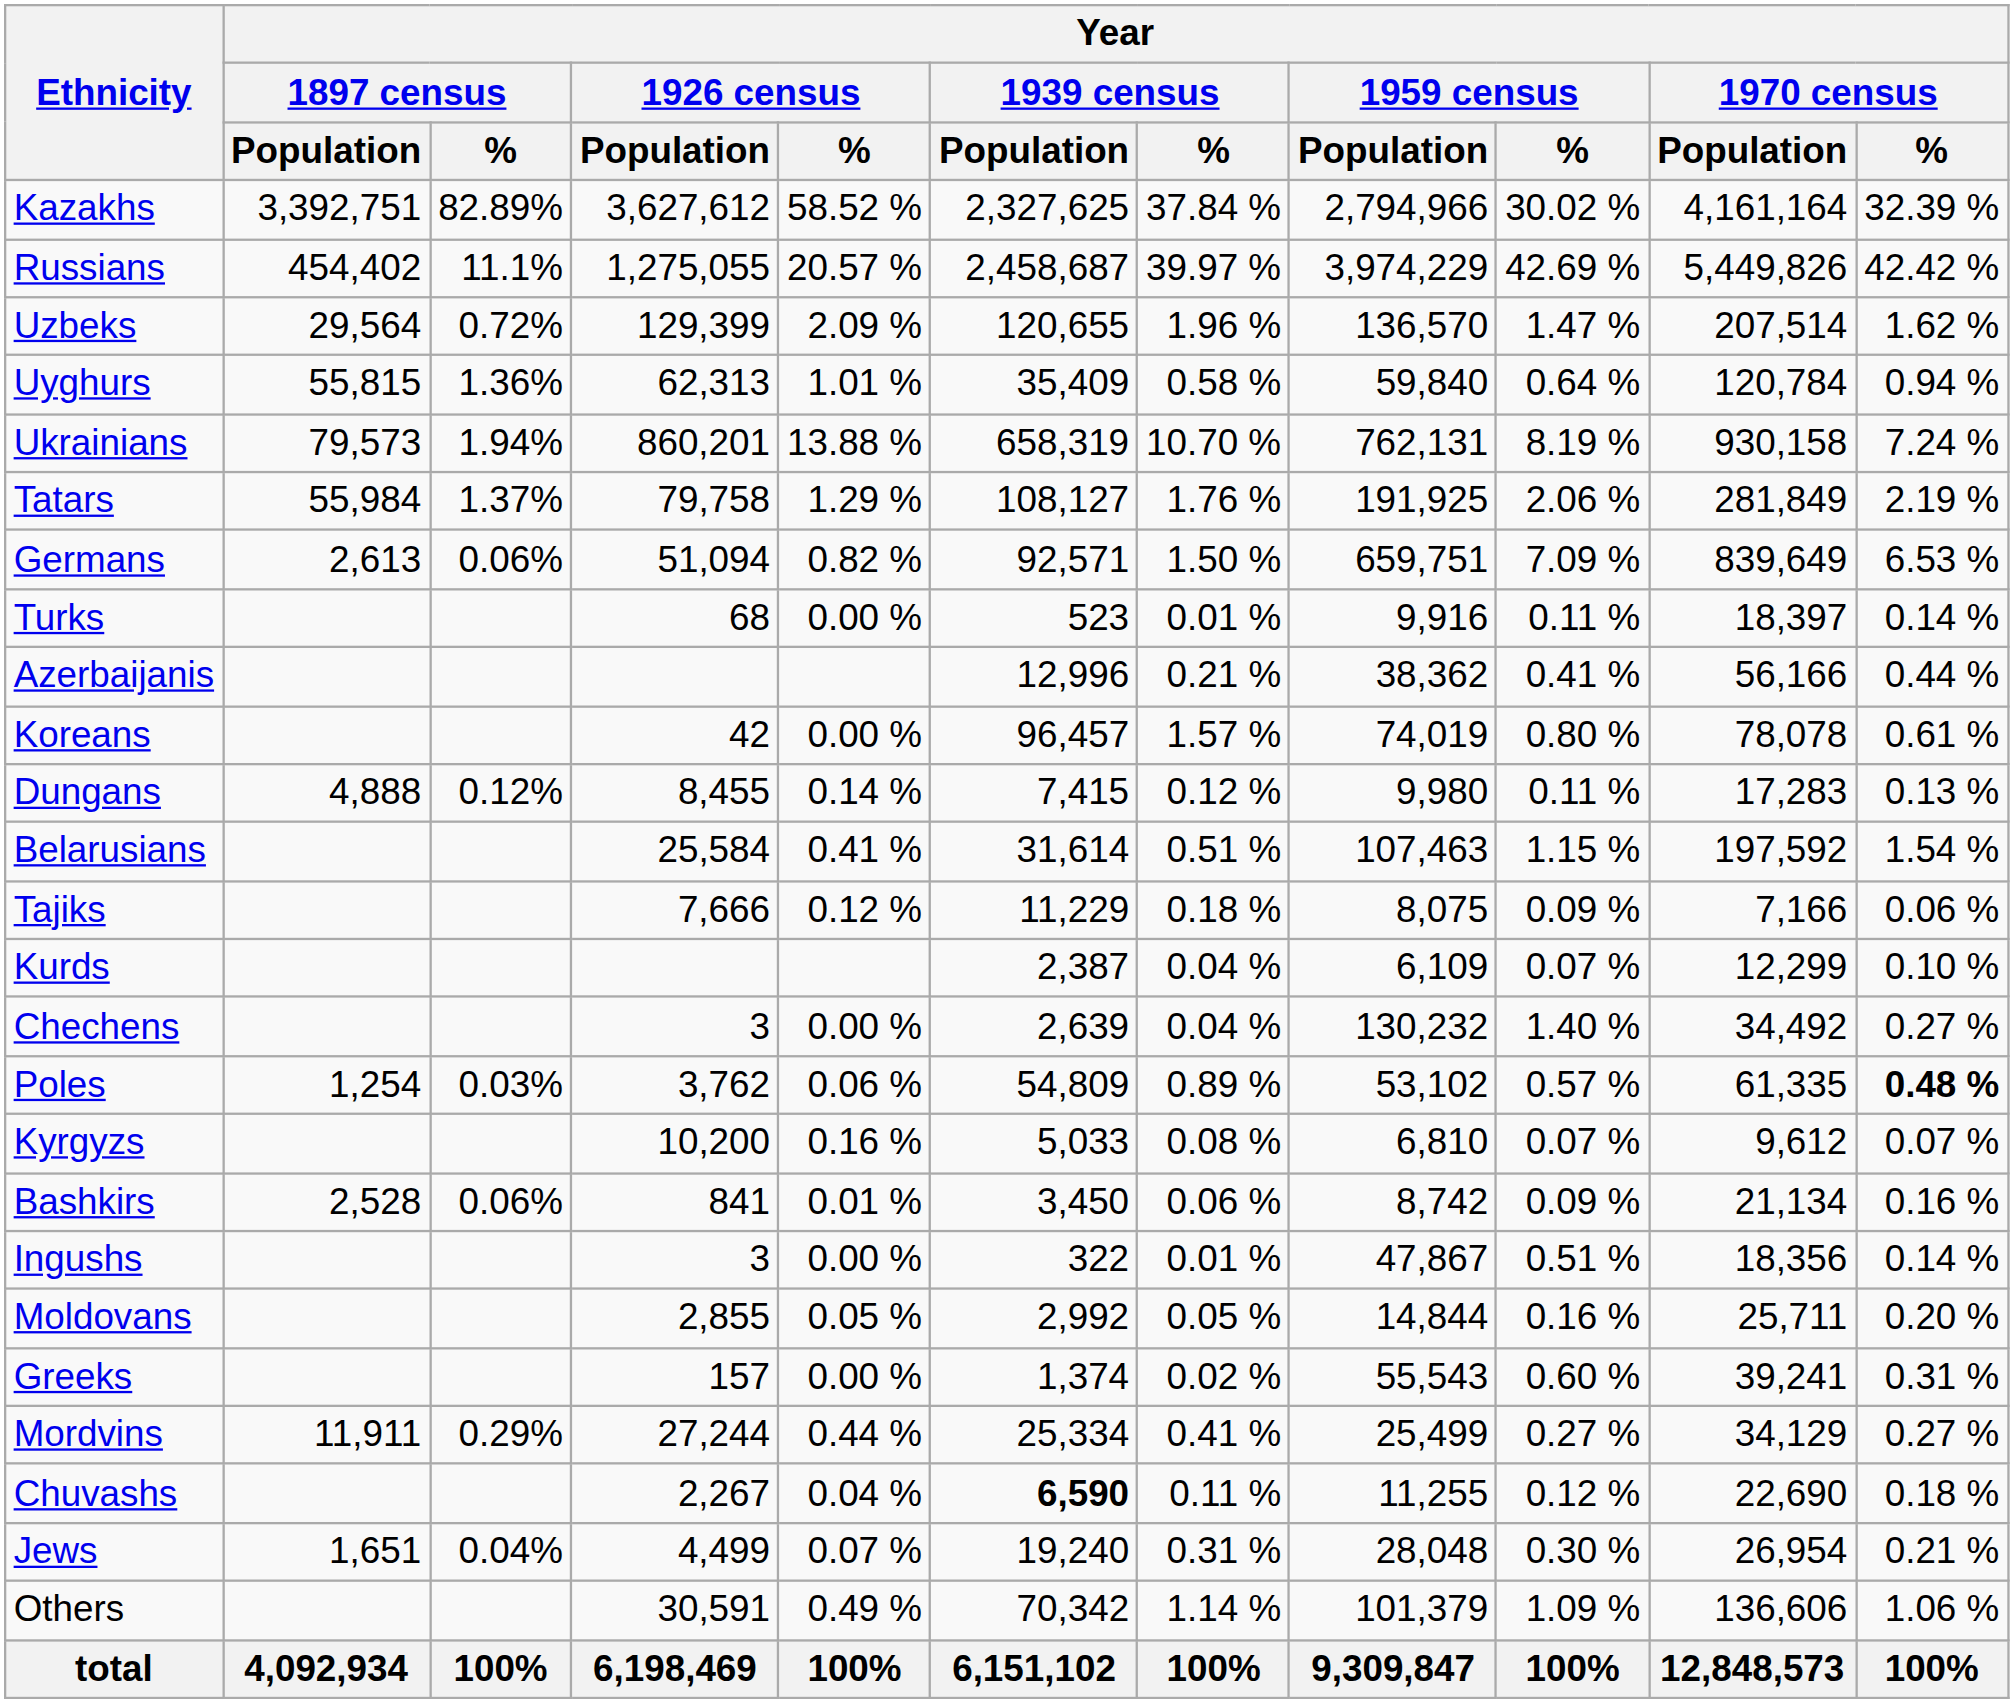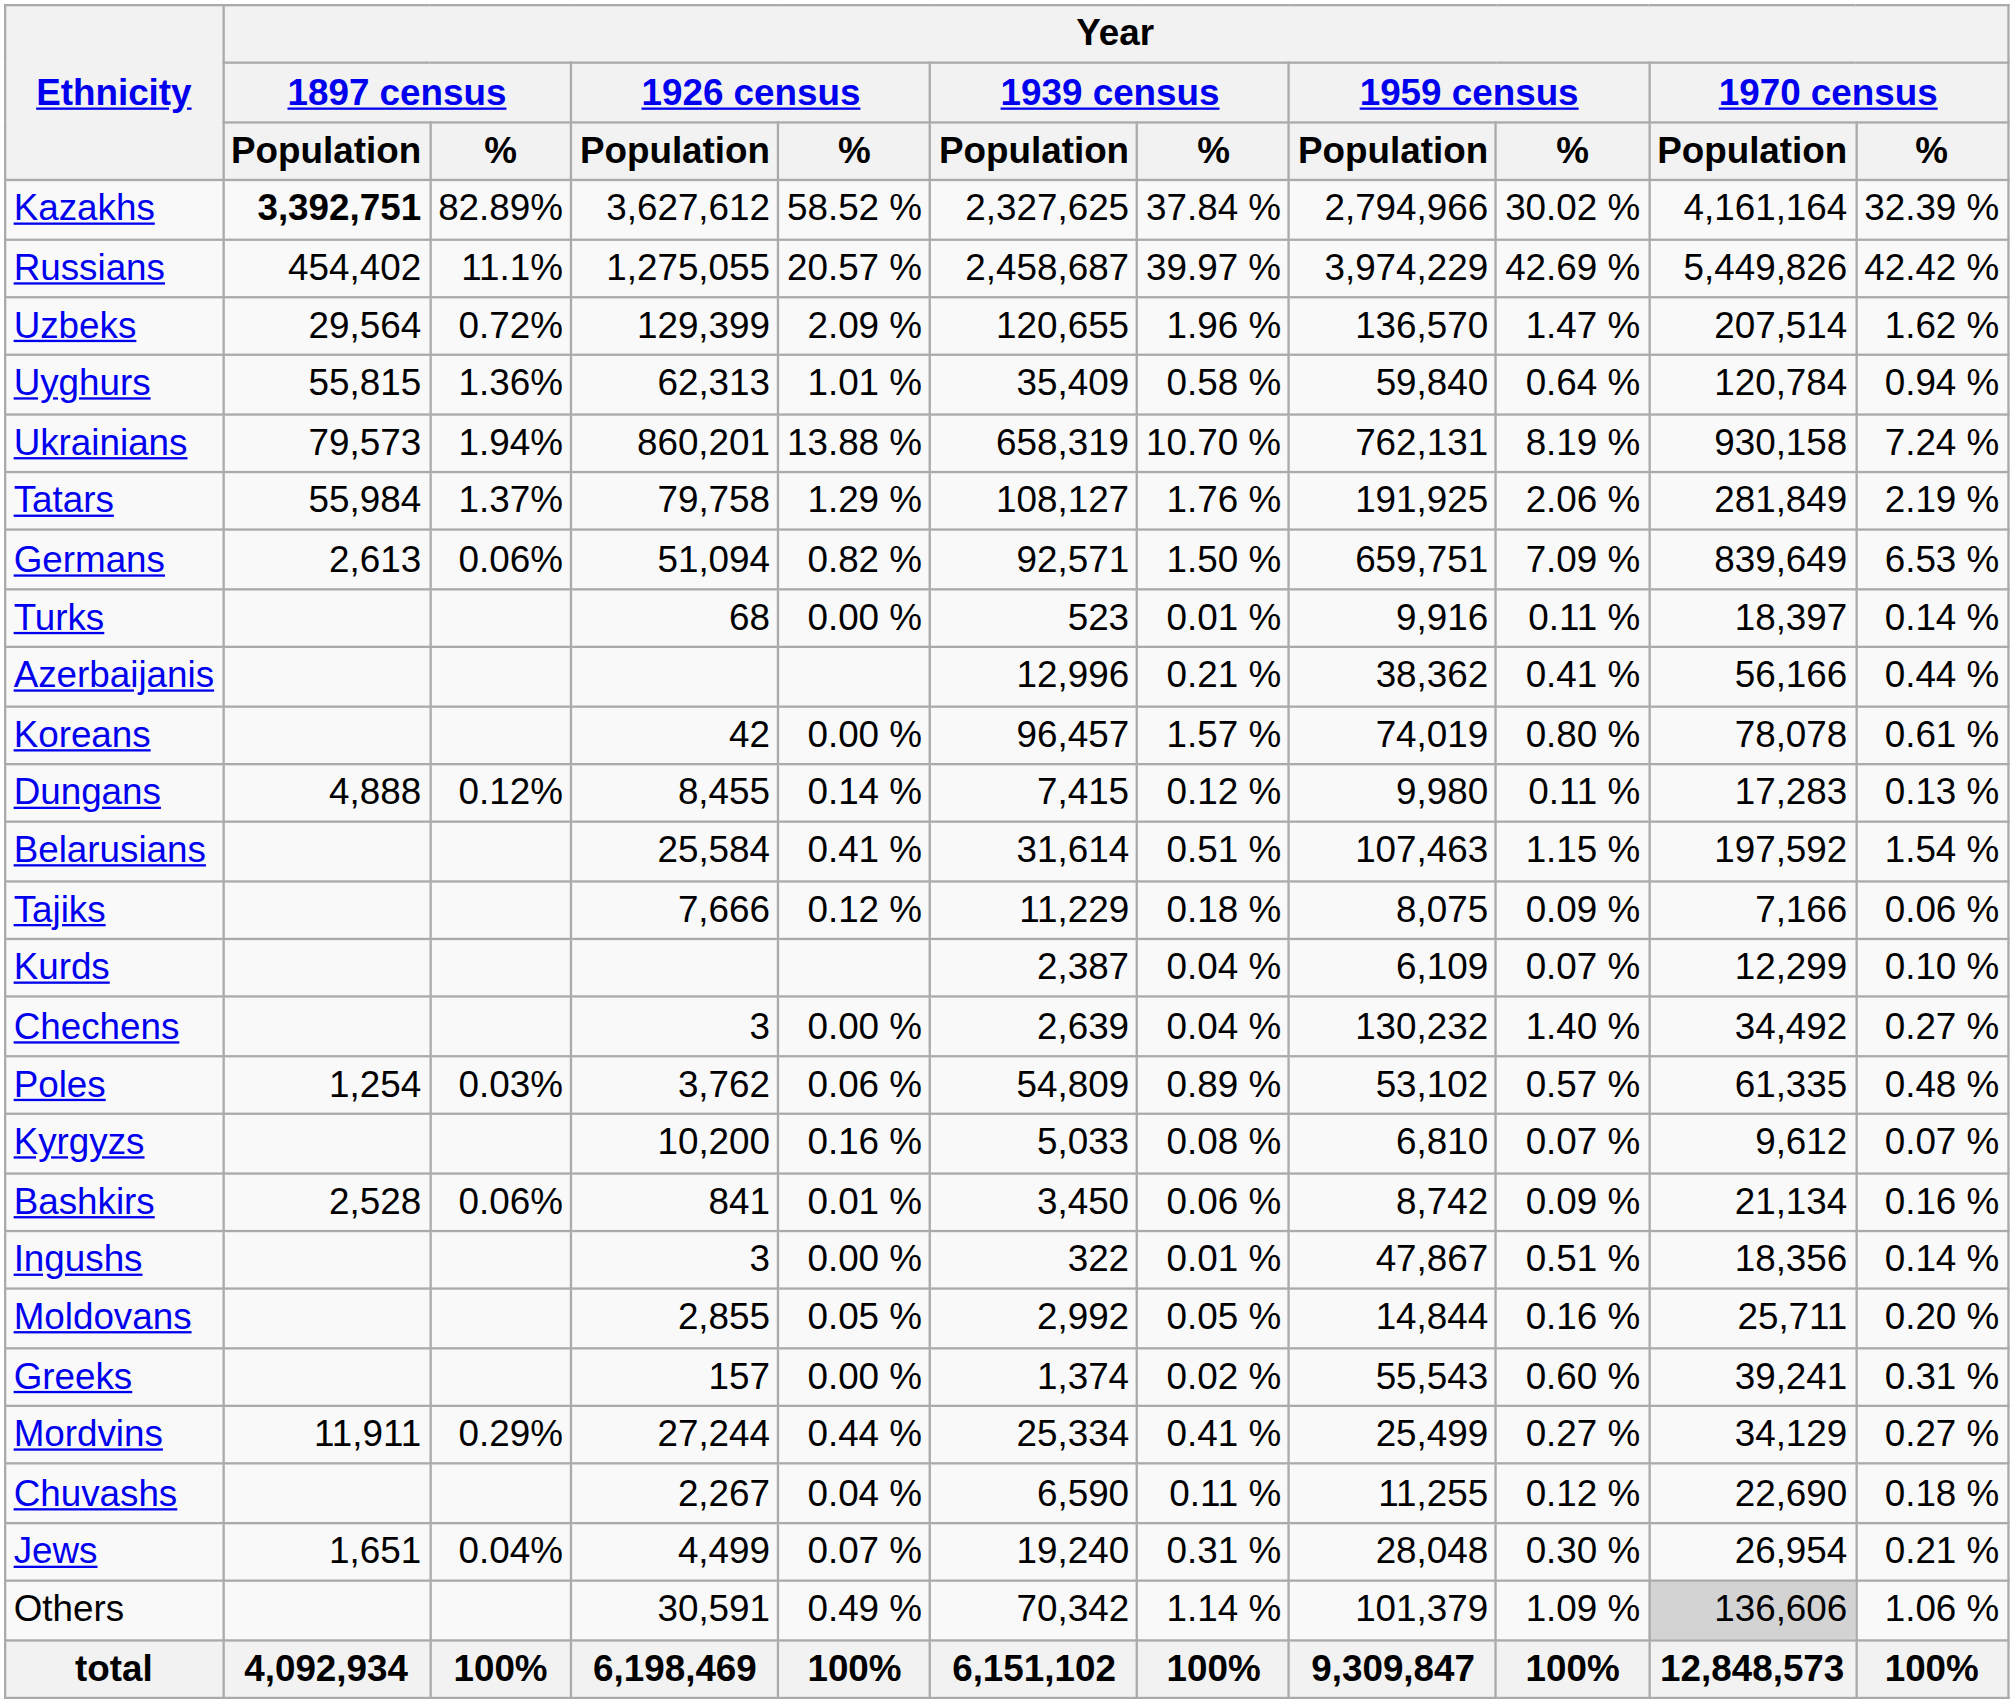 <table class="wikitable sortable" style="text-align:right">
 <tr>
 <th rowspan="3"><a href='#'>Ethnicity</a></th>
 <th colspan="10">Year</th>
 </tr>
 <tr>
 <th colspan="2"><a href='#'>1897 census</a></th>
 <th colspan="2"><a href='#'>1926 census</a></th>
 <th colspan="2"><a href='#'>1939 census</a></th>
 <th colspan="2"><a href='#'>1959 census</a></th>
 <th colspan="2"><a href='#'>1970 census</a></th>
 </tr>
 <tr align="center">
 <th style="width:60px">Population</th>
 <th>%</th>
 <th style="width:60px">Population</th>
 <th>%</th>
 <th style="width:60px">Population</th>
 <th>%</th>
 <th style="width:60px">Population</th>
 <th>%</th>
 <th style="width:60px">Population</th>
 <th>%</th>
 </tr>
 <tr>
 <td align="left"><a href='#'>Kazakhs</a></td>
-<td>3,392,751</td>
+<td><strong>3,392,751</strong></td>
 <td>82.89%</td>
 <td>3,627,612</td>
 <td>58.52 %</td>
 <td>2,327,625</td>
 <td>37.84 %</td>
 <td>2,794,966</td>
 <td>30.02 %</td>
 <td>4,161,164</td>
 <td>32.39 %</td>
 </tr>
 <tr>
 <td align="left"><a href='#'>Russians</a></td>
 <td>454,402</td>
 <td>11.1%</td>
 <td>1,275,055</td>
 <td>20.57 %</td>
 <td>2,458,687</td>
 <td>39.97 %</td>
 <td>3,974,229</td>
 <td>42.69 %</td>
 <td>5,449,826</td>
 <td>42.42 %</td>
 </tr>
 <tr>
 <td align="left"><a href='#'>Uzbeks</a></td>
 <td>29,564</td>
 <td>0.72%</td>
 <td>129,399</td>
 <td>2.09 %</td>
 <td>120,655</td>
 <td>1.96 %</td>
 <td>136,570</td>
 <td>1.47 %</td>
 <td>207,514</td>
 <td>1.62 %</td>
 </tr>
 <tr>
 <td align="left"><a href='#'>Uyghurs</a></td>
 <td>55,815</td>
 <td>1.36%</td>
 <td>62,313</td>
 <td>1.01 %</td>
 <td>35,409</td>
 <td>0.58 %</td>
 <td>59,840</td>
 <td>0.64 %</td>
 <td>120,784</td>
 <td>0.94 %</td>
 </tr>
 <tr>
 <td align="left"><a href='#'>Ukrainians</a></td>
 <td>79,573</td>
 <td>1.94%</td>
 <td>860,201</td>
 <td>13.88 %</td>
 <td>658,319</td>
 <td>10.70 %</td>
 <td>762,131</td>
 <td>8.19 %</td>
 <td>930,158</td>
 <td>7.24 %</td>
 </tr>
 <tr>
 <td align="left"><a href='#'>Tatars</a></td>
 <td>55,984</td>
 <td>1.37%</td>
 <td>79,758</td>
 <td>1.29 %</td>
 <td>108,127</td>
 <td>1.76 %</td>
 <td>191,925</td>
 <td>2.06 %</td>
 <td>281,849</td>
 <td>2.19 %</td>
 </tr>
 <tr>
 <td align="left"><a href='#'>Germans</a></td>
 <td>2,613</td>
 <td>0.06%</td>
 <td>51,094</td>
 <td>0.82 %</td>
 <td>92,571</td>
 <td>1.50 %</td>
 <td>659,751</td>
 <td>7.09 %</td>
 <td>839,649</td>
 <td>6.53 %</td>
 </tr>
 <tr>
 <td align="left"><a href='#'>Turks</a></td>
 <td></td>
 <td></td>
 <td>68</td>
 <td>0.00 %</td>
 <td>523</td>
 <td>0.01 %</td>
 <td>9,916</td>
 <td>0.11 %</td>
 <td>18,397</td>
 <td>0.14 %</td>
 </tr>
 <tr>
 <td align="left"><a href='#'>Azerbaijanis</a></td>
 <td></td>
 <td></td>
 <td></td>
 <td></td>
 <td>12,996</td>
 <td>0.21 %</td>
 <td>38,362</td>
 <td>0.41 %</td>
 <td>56,166</td>
 <td>0.44 %</td>
 </tr>
 <tr>
 <td align="left"><a href='#'>Koreans</a></td>
 <td></td>
 <td></td>
 <td>42</td>
 <td>0.00 %</td>
 <td>96,457</td>
 <td>1.57 %</td>
 <td>74,019</td>
 <td>0.80 %</td>
 <td>78,078</td>
 <td>0.61 %</td>
 </tr>
 <tr>
 <td align="left"><a href='#'>Dungans</a></td>
 <td>4,888</td>
 <td>0.12%</td>
 <td>8,455</td>
 <td>0.14 %</td>
 <td>7,415</td>
 <td>0.12 %</td>
 <td>9,980</td>
 <td>0.11 %</td>
 <td>17,283</td>
 <td>0.13 %</td>
 </tr>
 <tr>
 <td align="left"><a href='#'>Belarusians</a></td>
 <td></td>
 <td></td>
 <td>25,584</td>
 <td>0.41 %</td>
 <td>31,614</td>
 <td>0.51 %</td>
 <td>107,463</td>
 <td>1.15 %</td>
 <td>197,592</td>
 <td>1.54 %</td>
 </tr>
 <tr>
 <td align="left"><a href='#'>Tajiks</a></td>
 <td></td>
 <td></td>
 <td>7,666</td>
 <td>0.12 %</td>
 <td>11,229</td>
 <td>0.18 %</td>
 <td>8,075</td>
 <td>0.09 %</td>
 <td>7,166</td>
 <td>0.06 %</td>
 </tr>
 <tr>
 <td align="left"><a href='#'>Kurds</a></td>
 <td></td>
 <td></td>
 <td></td>
 <td></td>
 <td>2,387</td>
 <td>0.04 %</td>
 <td>6,109</td>
 <td>0.07 %</td>
 <td>12,299</td>
 <td>0.10 %</td>
 </tr>
 <tr>
 <td align="left"><a href='#'>Chechens</a></td>
 <td></td>
 <td></td>
 <td>3</td>
 <td>0.00 %</td>
 <td>2,639</td>
 <td>0.04 %</td>
 <td>130,232</td>
 <td>1.40 %</td>
 <td>34,492</td>
 <td>0.27 %</td>
 </tr>
 <tr>
 <td align="left"><a href='#'>Poles</a></td>
 <td>1,254</td>
 <td>0.03%</td>
 <td>3,762</td>
 <td>0.06 %</td>
 <td>54,809</td>
 <td>0.89 %</td>
 <td>53,102</td>
 <td>0.57 %</td>
 <td>61,335</td>
-<td><strong>0.48 %</strong></td>
+<td>0.48 %</td>
 </tr>
 <tr>
 <td align="left"><a href='#'>Kyrgyzs</a></td>
 <td></td>
 <td></td>
 <td>10,200</td>
 <td>0.16 %</td>
 <td>5,033</td>
 <td>0.08 %</td>
 <td>6,810</td>
 <td>0.07 %</td>
 <td>9,612</td>
 <td>0.07 %</td>
 </tr>
 <tr>
 <td align="left"><a href='#'>Bashkirs</a></td>
 <td>2,528</td>
 <td>0.06%</td>
 <td>841</td>
 <td>0.01 %</td>
 <td>3,450</td>
 <td>0.06 %</td>
 <td>8,742</td>
 <td>0.09 %</td>
 <td>21,134</td>
 <td>0.16 %</td>
 </tr>
 <tr>
 <td align="left"><a href='#'>Ingushs</a></td>
 <td></td>
 <td></td>
 <td>3</td>
 <td>0.00 %</td>
 <td>322</td>
 <td>0.01 %</td>
 <td>47,867</td>
 <td>0.51 %</td>
 <td>18,356</td>
 <td>0.14 %</td>
 </tr>
 <tr>
 <td align="left"><a href='#'>Moldovans</a></td>
 <td></td>
 <td></td>
 <td>2,855</td>
 <td>0.05 %</td>
 <td>2,992</td>
 <td>0.05 %</td>
 <td>14,844</td>
 <td>0.16 %</td>
 <td>25,711</td>
 <td>0.20 %</td>
 </tr>
 <tr>
 <td align="left"><a href='#'>Greeks</a></td>
 <td></td>
 <td></td>
 <td>157</td>
 <td>0.00 %</td>
 <td>1,374</td>
 <td>0.02 %</td>
 <td>55,543</td>
 <td>0.60 %</td>
 <td>39,241</td>
 <td>0.31 %</td>
 </tr>
 <tr>
 <td align="left"><a href='#'>Mordvins</a></td>
 <td>11,911</td>
 <td>0.29%</td>
 <td>27,244</td>
 <td>0.44 %</td>
 <td>25,334</td>
 <td>0.41 %</td>
 <td>25,499</td>
 <td>0.27 %</td>
 <td>34,129</td>
 <td>0.27 %</td>
 </tr>
 <tr>
 <td align="left"><a href='#'>Chuvashs</a></td>
 <td></td>
 <td></td>
 <td>2,267</td>
 <td>0.04 %</td>
-<td><strong>6,590</strong></td>
+<td>6,590</td>
 <td>0.11 %</td>
 <td>11,255</td>
 <td>0.12 %</td>
 <td>22,690</td>
 <td>0.18 %</td>
 </tr>
 <tr>
 <td align="left"><a href='#'>Jews</a></td>
 <td>1,651</td>
 <td>0.04%</td>
 <td>4,499</td>
 <td>0.07 %</td>
 <td>19,240</td>
 <td>0.31 %</td>
 <td>28,048</td>
 <td>0.30 %</td>
 <td>26,954</td>
 <td>0.21 %</td>
 </tr>
 <tr>
 <td align="left">Others</td>
 <td></td>
 <td></td>
 <td>30,591</td>
 <td>0.49 %</td>
 <td>70,342</td>
 <td>1.14 %</td>
 <td>101,379</td>
 <td>1.09 %</td>
-<td>136,606</td>
+<td style="background: lightgrey;">136,606</td>
 <td>1.06 %</td>
 </tr>
 <tr class="sortbottom">
 <th align="left">total</th>
 <th>4,092,934</th>
 <th>100%</th>
 <th>6,198,469</th>
 <th>100%</th>
 <th>6,151,102</th>
 <th>100%</th>
 <th>9,309,847</th>
 <th>100%</th>
 <th>12,848,573</th>
 <th>100%</th>
 </tr>
 </table>
